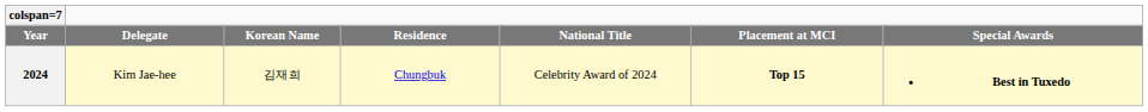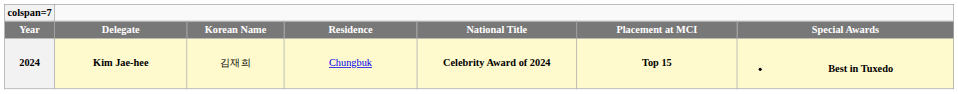 <table class="wikitable sortable" style="font-size: 85%; text-align:center">
 <tr>
 <th>colspan=7 </th>
 </tr>
 <tr>
 <th width="60" style="background-color:#787878;color:#FFFFFF;">Year</th>
 <th width="180" style="background-color:#787878;color:#FFFFFF;">Delegate</th>
 <th width="130" style="background-color:#787878;color:#FFFFFF;">Korean Name</th>
 <th width="180" style="background-color:#787878;color:#FFFFFF;">Residence</th>
 <th width="220" style="background-color:#787878;color:#FFFFFF;">National Title</th>
 <th width="220" style="background-color:#787878;color:#FFFFFF;">Placement at MCI</th>
 <th width="300" style="background-color:#787878;color:#FFFFFF;">Special Awards</th>
 </tr>
 <tr style="background-color:#FFFACD; ">
 <th>2024</th>
-<td>Kim Jae-hee</td>
+<td><strong>Kim Jae-hee</strong></td>
 <td>김재희</td>
 <td><a href='#'>Chungbuk</a></td>
-<td>Celebrity Award of 2024</td>
+<td><strong>Celebrity Award of 2024</strong></td>
 <td><strong>Top 15</strong></td>
 <td><br><ul><li><strong>Best in Tuxedo</strong></li></ul></td>
 </tr>
 </table>
